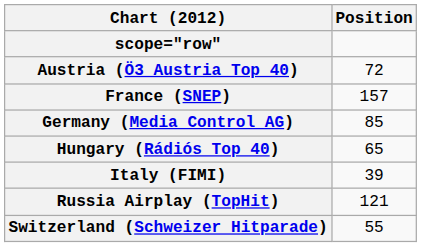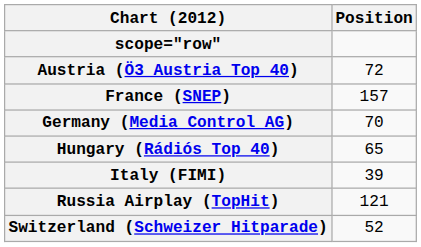 <table class="wikitable plainrowheaders sortable" style="text-align:center;">
 <tr>
 <th scope="col">Chart (2012)</th>
 <th scope="col">Position</th>
 </tr>
 <tr>
 <th>scope="row" </th>
 </tr>
 <tr>
 <th scope="row">Austria (<a href='#'>Ö3 Austria Top 40</a>)</th>
 <td>72</td>
 </tr>
 <tr>
 <th scope="row">France (<a href='#'>SNEP</a>)</th>
 <td>157</td>
 </tr>
 <tr>
 <th scope="row">Germany (<a href='#'>Media Control AG</a>)</th>
-<td>85</td>
+<td>70</td>
 </tr>
 <tr>
 <th scope="row">Hungary (<a href='#'>Rádiós Top 40</a>)</th>
 <td>65</td>
 </tr>
 <tr>
 <th scope="row">Italy (FIMI)</th>
 <td>39</td>
 </tr>
 <tr>
 <th scope="row">Russia Airplay (<a href='#'>TopHit</a>)</th>
 <td>121</td>
 </tr>
 <tr>
 <th scope="row">Switzerland (<a href='#'>Schweizer Hitparade</a>)</th>
-<td>55</td>
+<td>52</td>
 </tr>
 </table>
